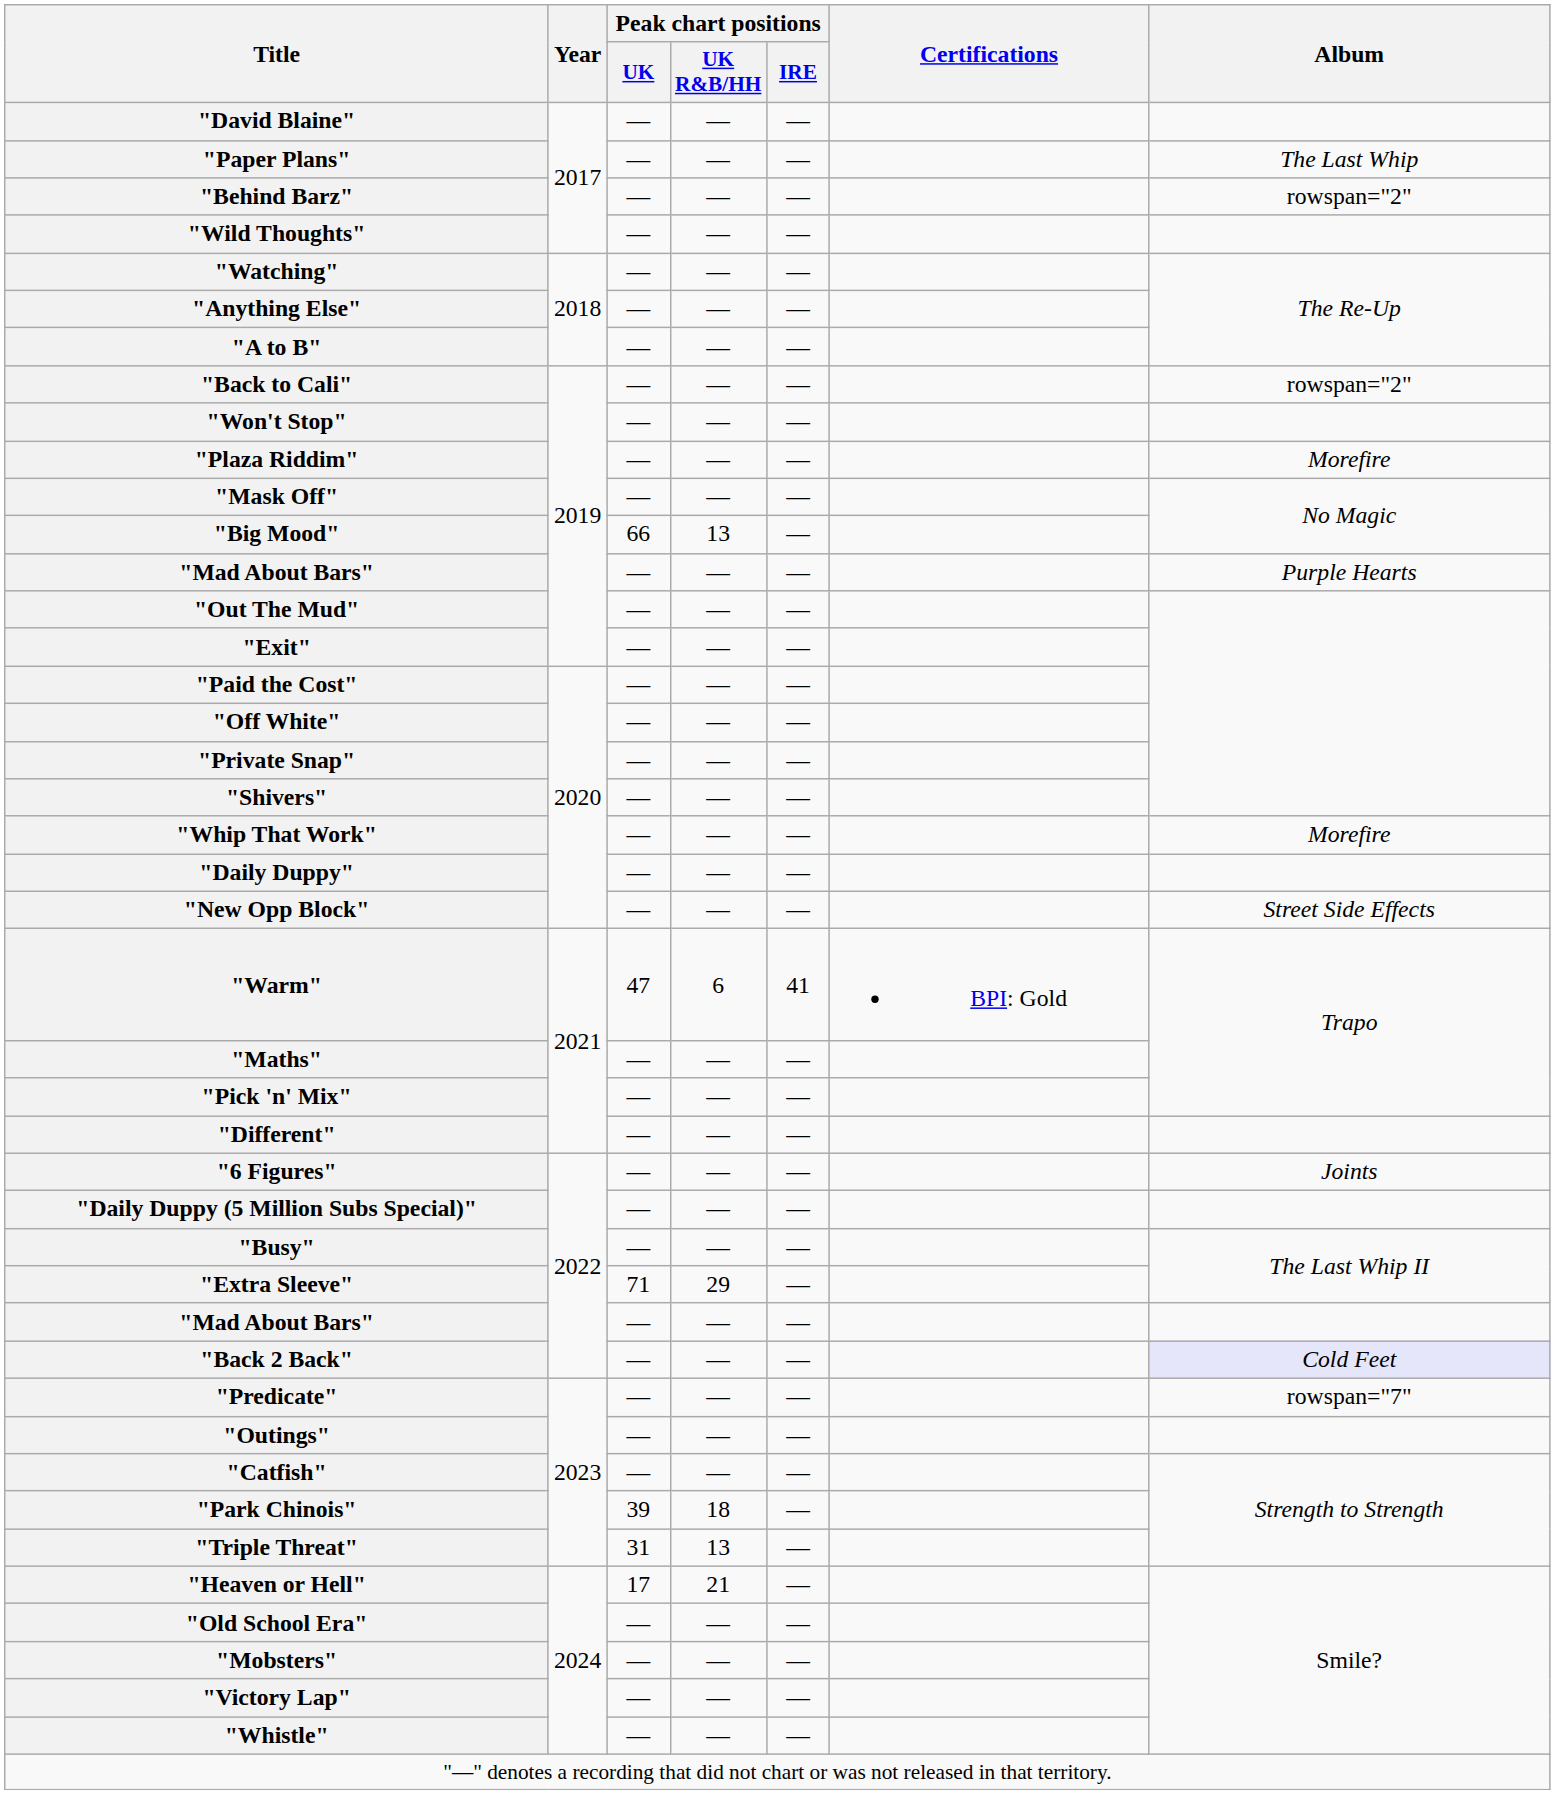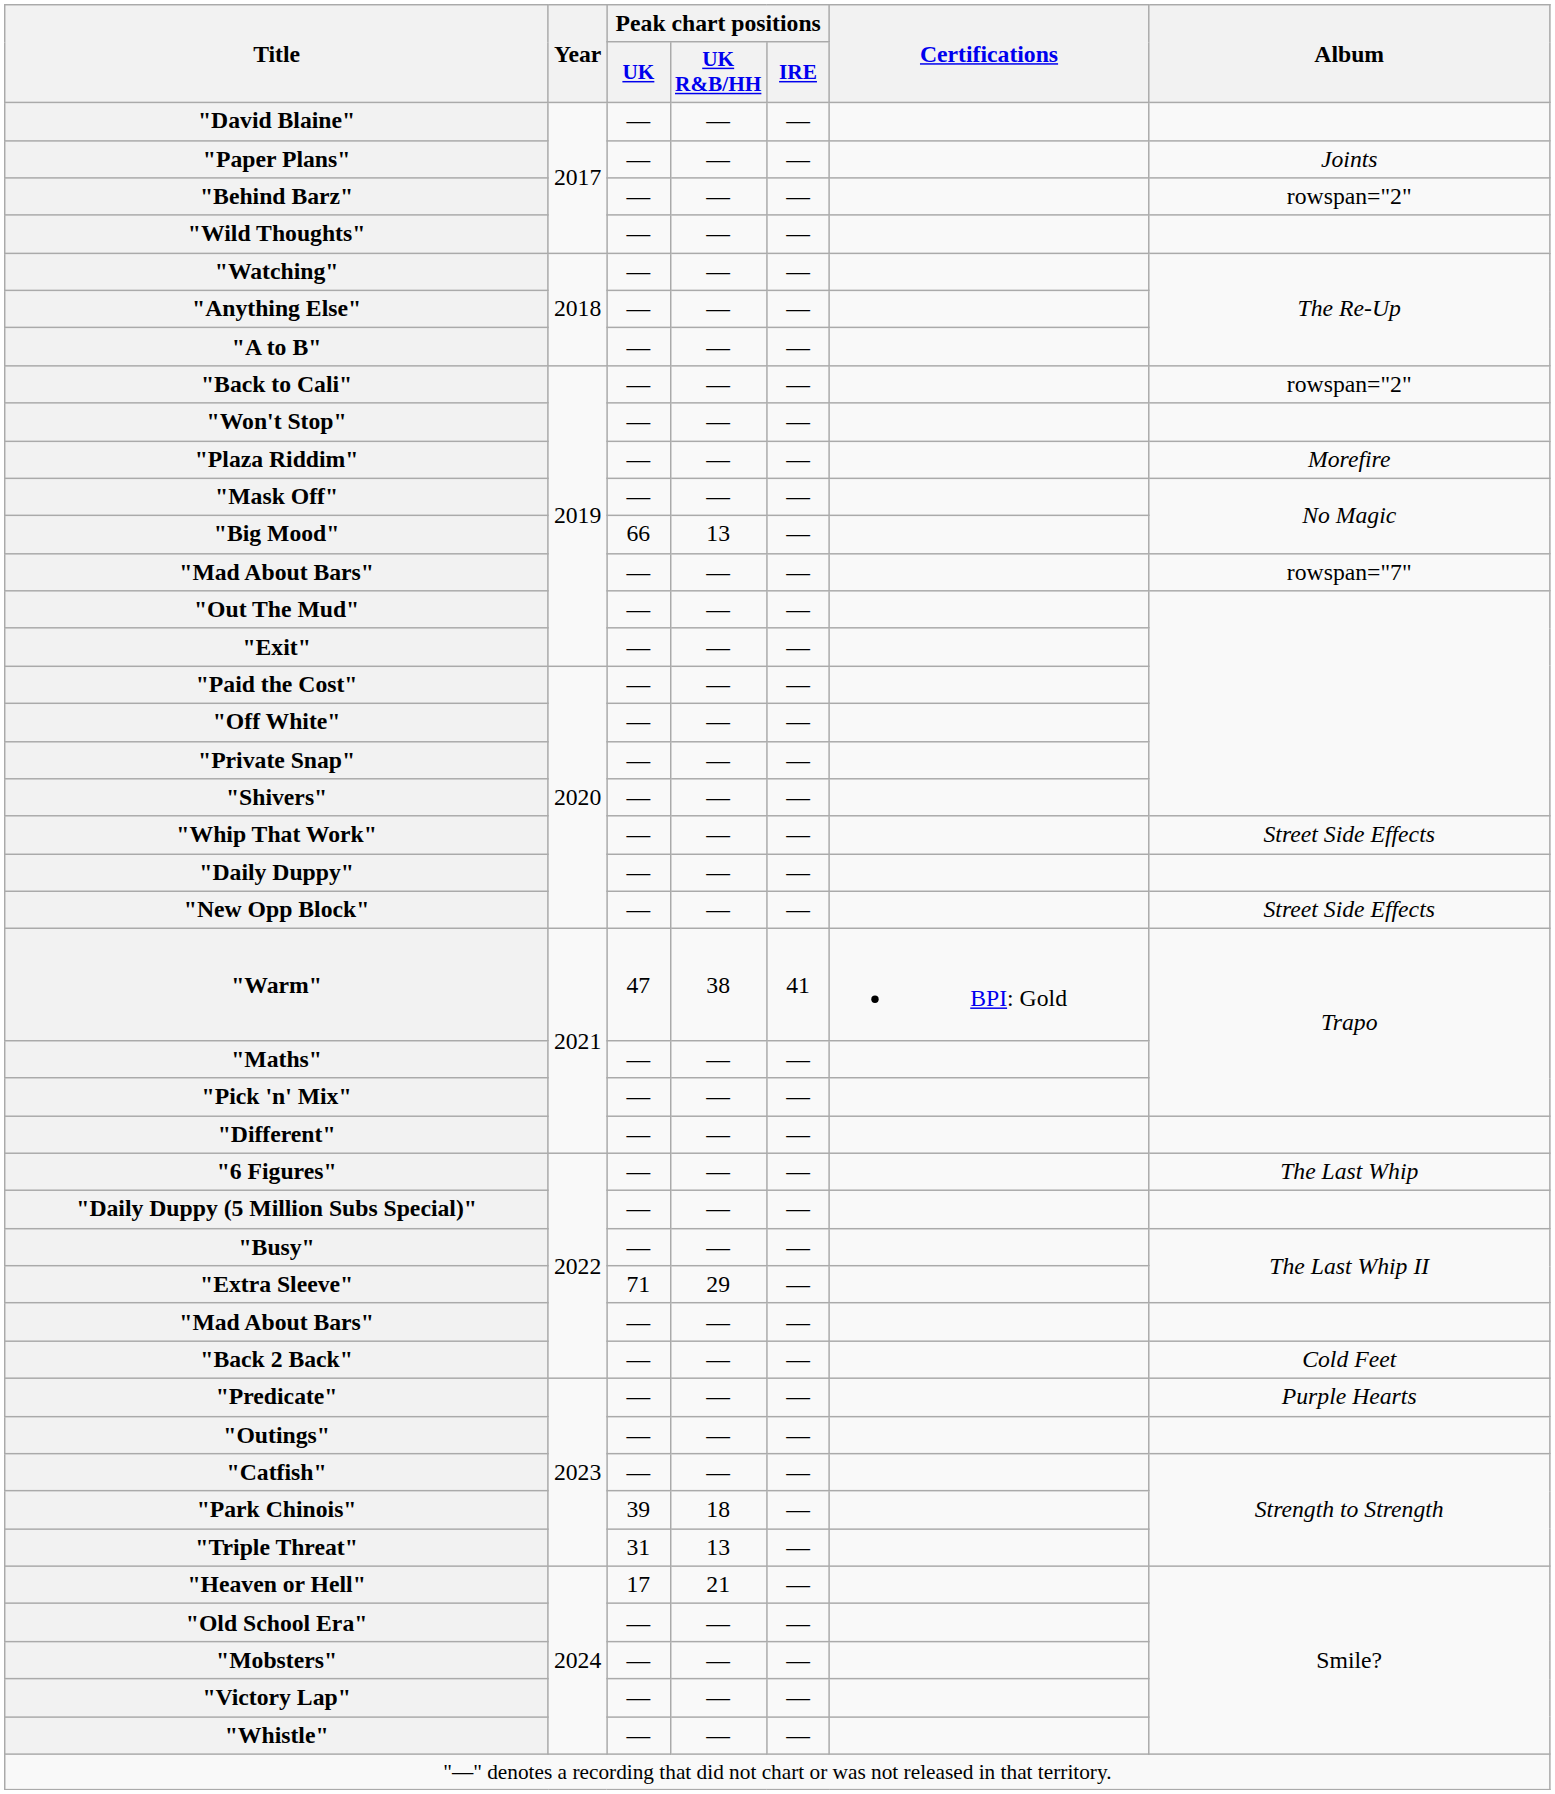 <table class="wikitable plainrowheaders" style="text-align:center;">
 <tr>
 <th scope="col" rowspan="2" style="width:22.5em;">Title</th>
 <th scope="col" rowspan="2" style="width:1em;">Year</th>
 <th scope="col" colspan="3">Peak chart positions</th>
 <th scope="col" rowspan="2" style="width:13em;"><a href='#'>Certifications</a></th>
 <th scope="col" rowspan="2" style="width:16.5em;">Album</th>
 </tr>
 <tr>
 <th scope="col" style="width:2.5em;font-size:90%;"><a href='#'>UK</a><br></th>
 <th scope="col" style="width:2.5em;font-size:90%;"><a href='#'>UK<br>R&B/HH</a><br></th>
 <th scope="col" style="width:2.5em;font-size:90%;"><a href='#'>IRE</a><br></th>
 </tr>
 <tr>
 <th scope="row">"David Blaine"</th>
 <td rowspan="4">2017</td>
 <td>—</td>
 <td>—</td>
 <td>—</td>
 <td></td>
 <td></td>
 </tr>
 <tr>
 <th scope="row">"Paper Plans"</th>
 <td>—</td>
 <td>—</td>
 <td>—</td>
 <td></td>
-<td><em>The Last Whip</em></td>
+<td><em>Joints</em></td>
 </tr>
 <tr>
 <th scope="row">"Behind Barz"</th>
 <td>—</td>
 <td>—</td>
 <td>—</td>
 <td></td>
 <td>rowspan="2" </td>
 </tr>
 <tr>
 <th scope="row">"Wild Thoughts"</th>
 <td>—</td>
 <td>—</td>
 <td>—</td>
 <td></td>
 </tr>
 <tr>
 <th scope="row">"Watching"</th>
 <td rowspan="3">2018</td>
 <td>—</td>
 <td>—</td>
 <td>—</td>
 <td></td>
 <td rowspan="3"><em>The Re-Up</em></td>
 </tr>
 <tr>
 <th scope="row">"Anything Else"</th>
 <td>—</td>
 <td>—</td>
 <td>—</td>
 <td></td>
 </tr>
 <tr>
 <th scope="row">"A to B"</th>
 <td>—</td>
 <td>—</td>
 <td>—</td>
 <td></td>
 </tr>
 <tr>
 <th scope="row">"Back to Cali"<br></th>
 <td rowspan="8">2019</td>
 <td>—</td>
 <td>—</td>
 <td>—</td>
 <td></td>
 <td>rowspan="2" </td>
 </tr>
 <tr>
 <th scope="row">"Won't Stop"</th>
 <td>—</td>
 <td>—</td>
 <td>—</td>
 <td></td>
 </tr>
 <tr>
 <th scope="row">"Plaza Riddim"<br></th>
 <td>—</td>
 <td>—</td>
 <td>—</td>
 <td></td>
 <td><em>Morefire</em></td>
 </tr>
 <tr>
 <th scope="row">"Mask Off"</th>
 <td>—</td>
 <td>—</td>
 <td>—</td>
 <td></td>
 <td rowspan="2"><em>No Magic</em></td>
 </tr>
 <tr>
 <th scope="row">"Big Mood"</th>
 <td>66</td>
 <td>13</td>
 <td>—</td>
 <td></td>
 </tr>
 <tr>
 <th scope="row">"Mad About Bars"<br></th>
 <td>—</td>
 <td>—</td>
 <td>—</td>
 <td></td>
-<td><em>Purple Hearts</em></td>
+<td>rowspan="7" </td>
 </tr>
 <tr>
 <th scope="row">"Out The Mud"</th>
 <td>—</td>
 <td>—</td>
 <td>—</td>
 <td></td>
 </tr>
 <tr>
 <th scope="row">"Exit"</th>
 <td>—</td>
 <td>—</td>
 <td>—</td>
 <td></td>
 </tr>
 <tr>
 <th scope="row">"Paid the Cost"</th>
 <td rowspan="7">2020</td>
 <td>—</td>
 <td>—</td>
 <td>—</td>
 <td></td>
 </tr>
 <tr>
 <th scope="row">"Off White"<br></th>
 <td>—</td>
 <td>—</td>
 <td>—</td>
 <td></td>
 </tr>
 <tr>
 <th scope="row">"Private Snap"</th>
 <td>—</td>
 <td>—</td>
 <td>—</td>
 <td></td>
 </tr>
 <tr>
 <th scope="row">"Shivers"</th>
 <td>—</td>
 <td>—</td>
 <td>—</td>
 <td></td>
 </tr>
 <tr>
 <th scope="row">"Whip That Work"</th>
 <td>—</td>
 <td>—</td>
 <td>—</td>
 <td></td>
-<td><em>Morefire</em></td>
+<td><em>Street Side Effects</em></td>
 </tr>
 <tr>
 <th scope="row">"Daily Duppy"</th>
 <td>—</td>
 <td>—</td>
 <td>—</td>
 <td></td>
 <td></td>
 </tr>
 <tr>
 <th scope="row">"New Opp Block"<br></th>
 <td>—</td>
 <td>—</td>
 <td>—</td>
 <td></td>
 <td><em>Street Side Effects</em></td>
 </tr>
 <tr>
 <th scope="row">"Warm"<br></th>
 <td rowspan="4">2021</td>
 <td>47</td>
-<td>6</td>
+<td>38</td>
 <td>41</td>
 <td><br><ul><li><a href='#'>BPI</a>: Gold</li></ul></td>
 <td rowspan="3"><em>Trapo</em></td>
 </tr>
 <tr>
 <th scope="row">"Maths"<br></th>
 <td>—</td>
 <td>—</td>
 <td>—</td>
 <td></td>
 </tr>
 <tr>
 <th scope="row">"Pick 'n' Mix"</th>
 <td>—</td>
 <td>—</td>
 <td>—</td>
 <td></td>
 </tr>
 <tr>
 <th scope="row">"Different"<br></th>
 <td>—</td>
 <td>—</td>
 <td>—</td>
 <td></td>
 <td></td>
 </tr>
 <tr>
 <th scope="row">"6 Figures" <br></th>
 <td rowspan="6">2022</td>
 <td>—</td>
 <td>—</td>
 <td>—</td>
 <td></td>
-<td><em>Joints</em></td>
+<td><em>The Last Whip</em></td>
 </tr>
 <tr>
 <th scope="row">"Daily Duppy (5 Million Subs Special)"<br></th>
 <td>—</td>
 <td>—</td>
 <td>—</td>
 <td></td>
 <td></td>
 </tr>
 <tr>
 <th scope="row">"Busy"</th>
 <td>—</td>
 <td>—</td>
 <td>—</td>
 <td></td>
 <td rowspan="2"><em>The Last Whip II</em></td>
 </tr>
 <tr>
 <th scope="row">"Extra Sleeve" <br></th>
 <td>71</td>
 <td>29</td>
 <td>—</td>
 <td></td>
 </tr>
 <tr>
 <th scope="row">"Mad About Bars"<br></th>
 <td>—</td>
 <td>—</td>
 <td>—</td>
 <td></td>
 <td></td>
 </tr>
 <tr>
 <th scope="row">"Back 2 Back"<br></th>
 <td>—</td>
 <td>—</td>
 <td>—</td>
 <td></td>
-<td style="background: lavender;"><em>Cold Feet</em></td>
+<td><em>Cold Feet</em></td>
 </tr>
 <tr>
 <th scope="row">"Predicate"<br></th>
 <td rowspan="5">2023</td>
 <td>—</td>
 <td>—</td>
 <td>—</td>
 <td></td>
-<td>rowspan="7" </td>
+<td><em>Purple Hearts</em></td>
 </tr>
 <tr>
 <th scope="row">"Outings"</th>
 <td>—</td>
 <td>—</td>
 <td>—</td>
 <td></td>
 <td></td>
 </tr>
 <tr>
 <th scope="row">"Catfish"<br></th>
 <td>—</td>
 <td>—</td>
 <td>—</td>
 <td></td>
 <td rowspan="3"><em>Strength to Strength</em></td>
 </tr>
 <tr>
 <th scope="row">"Park Chinois"<br></th>
 <td>39</td>
 <td>18</td>
 <td>—</td>
 <td></td>
 </tr>
 <tr>
 <th scope="row">"Triple Threat"<br></th>
 <td>31</td>
 <td>13</td>
 <td>—</td>
 <td></td>
 </tr>
 <tr>
 <th scope="row">"Heaven or Hell"</th>
 <td rowspan="5">2024</td>
 <td>17</td>
 <td>21</td>
 <td>—</td>
 <td></td>
 <td rowspan="5">Smile?</td>
 </tr>
 <tr>
 <th scope="row">"Old School Era"</th>
 <td>—</td>
 <td>—</td>
 <td>—</td>
 <td></td>
 </tr>
 <tr>
 <th scope="row">"Mobsters"<br></th>
 <td>—</td>
 <td>—</td>
 <td>—</td>
 <td></td>
 </tr>
 <tr>
 <th scope="row">"Victory Lap"</th>
 <td>—</td>
 <td>—</td>
 <td>—</td>
 <td></td>
 </tr>
 <tr>
 <th scope="row">"Whistle"</th>
 <td>—</td>
 <td>—</td>
 <td>—</td>
 <td></td>
 </tr>
 <tr>
 <td colspan="10" style="font-size:90%">"—" denotes a recording that did not chart or was not released in that territory.</td>
 </tr>
 </table>
